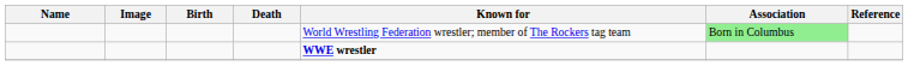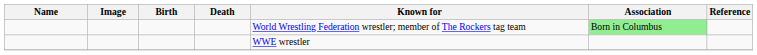 <table class="wikitable sortable">
 <tr>
 <th scope="col" width="140">Name</th>
 <th scope="col" width="80" class="unsortable">Image</th>
 <th scope="col" width="90">Birth</th>
 <th scope="col" width="90">Death</th>
 <th scope="col" width="600" class="unsortable">Known for</th>
 <th scope="col" width="200" class="unsortable">Association</th>
 <th scope="col" width="30" class="unsortable">Reference</th>
 </tr>
 <tr>
 <td></td>
 <td></td>
 <td align=right></td>
 <td align=right></td>
 <td><a href='#'>World Wrestling Federation</a> wrestler; member of <a href='#'>The Rockers</a> tag team</td>
 <td style="background: lightgreen;">Born in Columbus</td>
 <td align="center"></td>
 </tr>
 <tr>
 <td></td>
 <td></td>
 <td align=right></td>
 <td align=right></td>
-<td><strong><a href='#'>WWE</a> wrestler</strong></td>
+<td><a href='#'>WWE</a> wrestler</td>
 <td></td>
 <td align="center"></td>
 </tr>
 <tr>
 </tr>
 </table>
